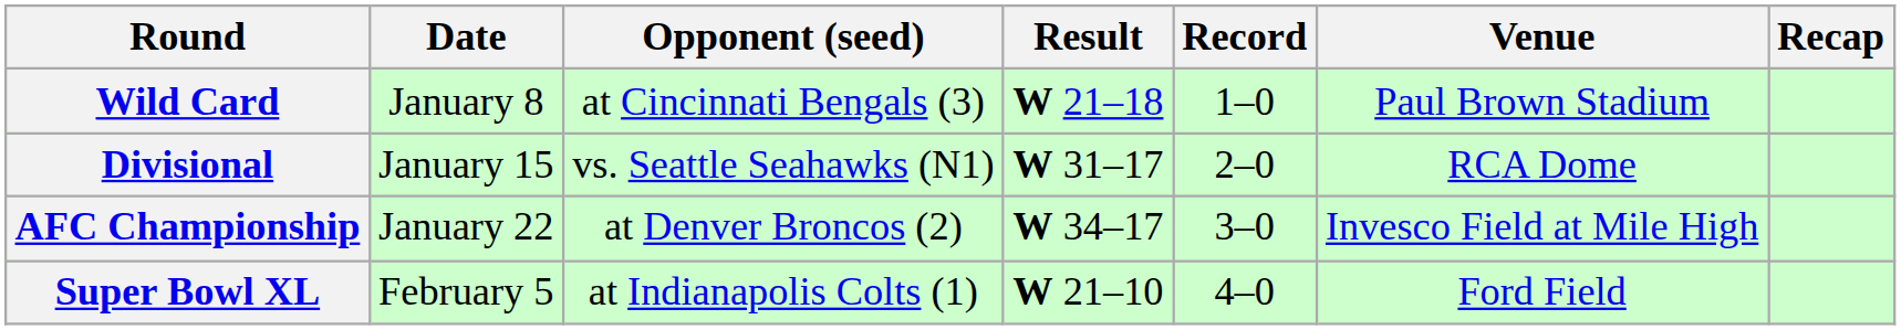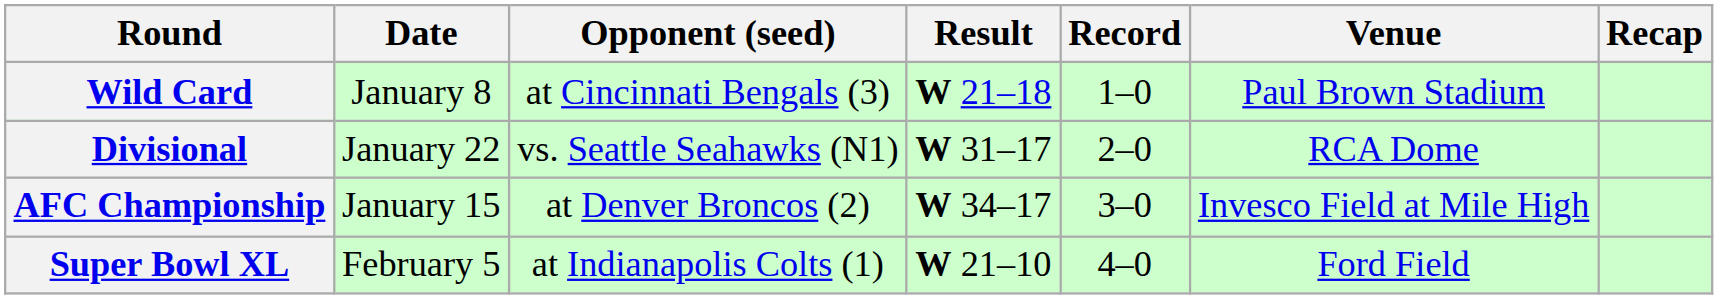 <table class="wikitable" style="text-align:center">
 <tr>
 <th>Round</th>
 <th>Date</th>
 <th>Opponent (seed)</th>
 <th>Result</th>
 <th>Record</th>
 <th>Venue</th>
 <th>Recap</th>
 </tr>
 <tr style="background: #cfc;">
 <th><a href='#'>Wild Card</a></th>
 <td>January 8</td>
 <td>at <a href='#'>Cincinnati Bengals</a> (3)</td>
 <td><strong>W</strong> <a href='#'>21–18</a></td>
 <td>1–0</td>
 <td><a href='#'>Paul Brown Stadium</a></td>
 <td></td>
 </tr>
 <tr style="background: #cfc;">
 <th><a href='#'>Divisional</a></th>
-<td>January 15</td>
+<td>January 22</td>
 <td>vs. <a href='#'>Seattle Seahawks</a> (N1)</td>
 <td><strong>W</strong> 31–17</td>
 <td>2–0</td>
 <td><a href='#'>RCA Dome</a></td>
 <td></td>
 </tr>
 <tr style="background: #cfc;">
 <th><a href='#'>AFC Championship</a></th>
-<td>January 22</td>
+<td>January 15</td>
 <td>at <a href='#'>Denver Broncos</a> (2)</td>
 <td><strong>W</strong> 34–17</td>
 <td>3–0</td>
 <td><a href='#'>Invesco Field at Mile High</a></td>
 <td></td>
 </tr>
 <tr style="background: #cfc;">
 <th><a href='#'>Super Bowl XL</a></th>
 <td>February 5</td>
 <td>at <a href='#'>Indianapolis Colts</a> (1)</td>
 <td><strong>W</strong> 21–10</td>
 <td>4–0</td>
 <td><a href='#'>Ford Field</a></td>
 <td></td>
 </tr>
 </table>
